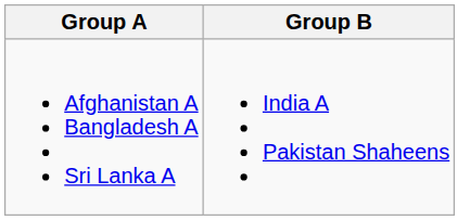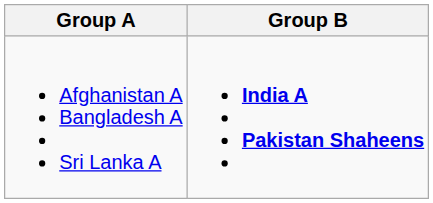 <table class="wikitable">
 <tr>
 <th>Group A</th>
 <th>Group B</th>
 </tr>
 <tr>
 <td><br><ul><li> <a href='#'>Afghanistan A</a></li><li> <a href='#'>Bangladesh A</a></li><li></li><li> <a href='#'>Sri Lanka A</a></li></ul></td>
-<td><br><ul><li> <a href='#'>India A</a></li><li></li><li> <a href='#'>Pakistan Shaheens</a></li><li></li></ul></td>
+<td><strong><br><ul><li> <a href='#'>India A</a></li><li></li><li> <a href='#'>Pakistan Shaheens</a></li><li></li></ul></strong></td>
 </tr>
 </table>
